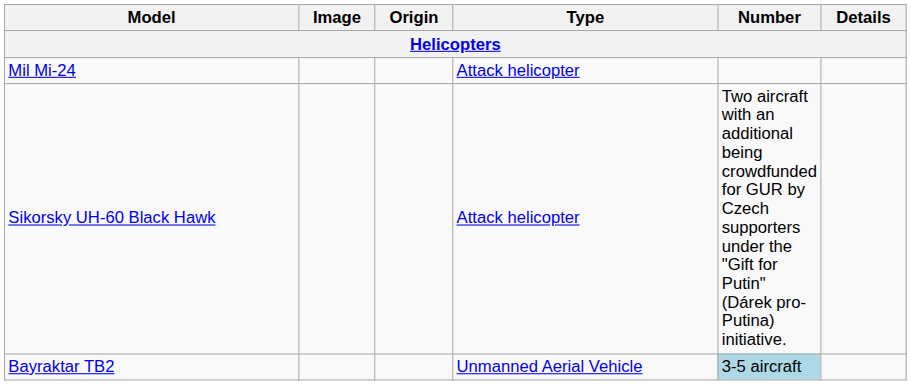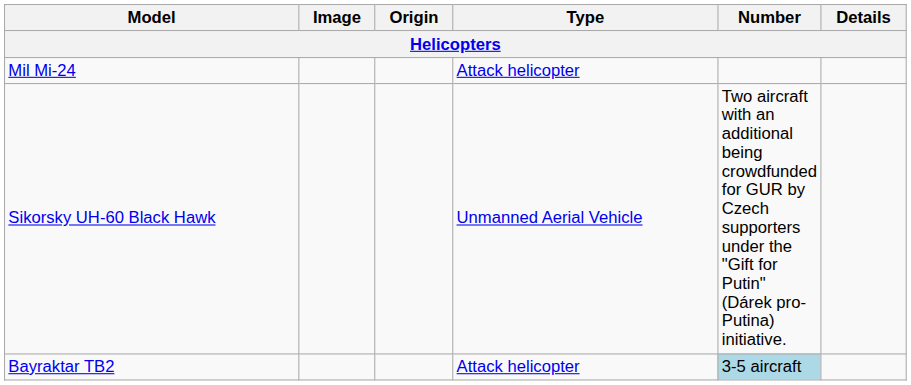 <table class="wikitable">
 <tr>
 <th>Model</th>
 <th>Image</th>
 <th>Origin</th>
 <th>Type</th>
 <th style="width:5%;">Number</th>
 <th>Details</th>
 </tr>
 <tr>
 <th colspan="6" style="align: center;"><a href='#'>Helicopters</a></th>
 </tr>
 <tr>
 <td><a href='#'>Mil Mi-24</a></td>
 <td></td>
 <td></td>
 <td><a href='#'>Attack helicopter</a></td>
 <td></td>
 <td></td>
 </tr>
 <tr>
 <td><a href='#'>Sikorsky UH-60 Black Hawk</a></td>
 <td></td>
 <td></td>
-<td><a href='#'>Attack helicopter</a></td>
+<td><a href='#'>Unmanned Aerial Vehicle</a></td>
 <td>Two aircraft with an additional being crowdfunded for GUR by Czech supporters under the "Gift for Putin" (Dárek pro-Putina) initiative.</td>
 <td></td>
 </tr>
 <tr>
 <td><a href='#'>Bayraktar TB2</a></td>
 <td></td>
 <td></td>
-<td><a href='#'>Unmanned Aerial Vehicle</a></td>
+<td><a href='#'>Attack helicopter</a></td>
 <td style="background: lightblue;">3-5 aircraft</td>
 <td></td>
 </tr>
 </table>
